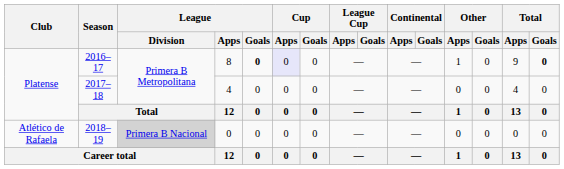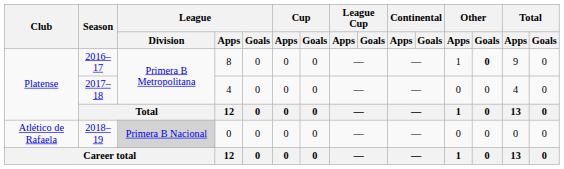 <table class="wikitable" style="text-align:center">
 <tr>
 <th rowspan="2">Club</th>
 <th rowspan="2">Season</th>
 <th colspan="3">League</th>
 <th colspan="2">Cup</th>
 <th colspan="2">League Cup</th>
 <th colspan="2">Continental</th>
 <th colspan="2">Other</th>
 <th colspan="2">Total</th>
 </tr>
 <tr>
 <th>Division</th>
 <th>Apps</th>
 <th>Goals</th>
 <th>Apps</th>
 <th>Goals</th>
 <th>Apps</th>
 <th>Goals</th>
 <th>Apps</th>
 <th>Goals</th>
 <th>Apps</th>
 <th>Goals</th>
 <th>Apps</th>
 <th>Goals</th>
 </tr>
 <tr>
 <td rowspan="3"><a href='#'>Platense</a></td>
 <td><a href='#'>2016–17</a></td>
 <td rowspan="2"><a href='#'>Primera B Metropolitana</a></td>
 <td>8</td>
-<td><strong>0</strong></td>
-<td style="background: lavender;">0</td>
+<td>0</td>
+<td>0</td>
 <td>0</td>
 <td colspan="2">—</td>
 <td colspan="2">—</td>
 <td>1</td>
+<td><strong>0</strong></td>
+<td>9</td>
 <td>0</td>
-<td>9</td>
-<td><strong>0</strong></td>
 </tr>
 <tr>
 <td><a href='#'>2017–18</a></td>
 <td>4</td>
 <td>0</td>
 <td>0</td>
 <td>0</td>
 <td colspan="2">—</td>
 <td colspan="2">—</td>
 <td>0</td>
 <td>0</td>
 <td>4</td>
 <td>0</td>
 </tr>
 <tr>
 <th colspan="2">Total</th>
 <th>12</th>
 <th>0</th>
 <th>0</th>
 <th>0</th>
 <th colspan="2">—</th>
 <th colspan="2">—</th>
 <th>1</th>
 <th>0</th>
 <th>13</th>
 <th>0</th>
 </tr>
 <tr>
 <td rowspan="1"><a href='#'>Atlético de Rafaela</a></td>
 <td><a href='#'>2018–19</a></td>
 <td rowspan="1" style="background: lightgrey;"><a href='#'>Primera B Nacional</a></td>
 <td>0</td>
 <td>0</td>
 <td>0</td>
 <td>0</td>
 <td colspan="2">—</td>
 <td colspan="2">—</td>
 <td>0</td>
 <td>0</td>
 <td>0</td>
 <td>0</td>
 </tr>
 <tr>
 <th colspan="3">Career total</th>
 <th>12</th>
 <th>0</th>
 <th>0</th>
 <th>0</th>
 <th colspan="2">—</th>
 <th colspan="2">—</th>
 <th>1</th>
 <th>0</th>
 <th>13</th>
 <th>0</th>
 </tr>
 </table>
